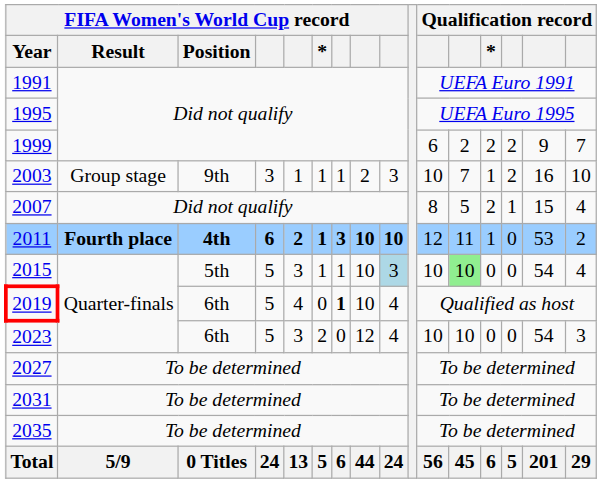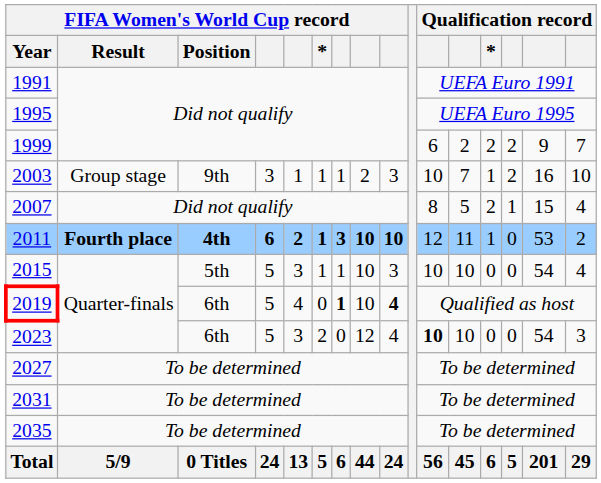 <table class="wikitable" style="text-align: center;">
 <tr>
 <th colspan=9><a href='#'>FIFA Women's World Cup</a> record</th>
 <th rowspan=15></th>
 <th colspan=6>Qualification record</th>
 </tr>
 <tr>
 <th>Year</th>
 <th>Result</th>
 <th>Position</th>
 <th></th>
 <th></th>
 <th>*</th>
 <th></th>
 <th></th>
 <th></th>
 <th></th>
 <th></th>
 <th>*</th>
 <th></th>
 <th></th>
 <th></th>
 </tr>
 <tr>
 <td> <a href='#'>1991</a></td>
 <td rowspan=3 colspan=8><em>Did not qualify</em></td>
 <td colspan=6><a href='#'><em>UEFA Euro 1991</em></a></td>
 </tr>
 <tr>
 <td> <a href='#'>1995</a></td>
 <td colspan=6><a href='#'><em>UEFA Euro 1995</em></a></td>
 </tr>
 <tr>
 <td> <a href='#'>1999</a></td>
 <td>6</td>
 <td>2</td>
 <td>2</td>
 <td>2</td>
 <td>9</td>
 <td>7</td>
 </tr>
 <tr>
 <td> <a href='#'>2003</a></td>
 <td>Group stage</td>
 <td>9th</td>
 <td>3</td>
 <td>1</td>
 <td>1</td>
 <td>1</td>
 <td>2</td>
 <td>3</td>
 <td>10</td>
 <td>7</td>
 <td>1</td>
 <td>2</td>
 <td>16</td>
 <td>10</td>
 </tr>
 <tr>
 <td> <a href='#'>2007</a></td>
 <td colspan=8><em>Did not qualify</em></td>
 <td>8</td>
 <td>5</td>
 <td>2</td>
 <td>1</td>
 <td>15</td>
 <td>4</td>
 </tr>
 <tr style="background:#9acdff;">
 <td> <a href='#'>2011</a></td>
 <td><strong>Fourth place</strong></td>
 <td><strong>4th</strong></td>
 <td><strong>6</strong></td>
 <td><strong>2</strong></td>
 <td><strong>1</strong></td>
 <td><strong>3</strong></td>
 <td><strong>10</strong></td>
 <td><strong>10</strong></td>
 <td>12</td>
 <td>11</td>
 <td>1</td>
 <td>0</td>
 <td>53</td>
 <td>2</td>
 </tr>
 <tr>
 <td> <a href='#'>2015</a></td>
 <td rowspan=3>Quarter-finals</td>
 <td>5th</td>
 <td>5</td>
 <td>3</td>
 <td>1</td>
 <td>1</td>
 <td>10</td>
-<td style="background: lightblue;">3</td>
+<td>3</td>
 <td>10</td>
-<td style="background: lightgreen;">10</td>
+<td>10</td>
 <td>0</td>
 <td>0</td>
 <td>54</td>
 <td>4</td>
 </tr>
 <tr>
 <td style="border: 3px solid red"> <a href='#'>2019</a></td>
 <td>6th</td>
 <td>5</td>
 <td>4</td>
 <td>0</td>
 <td><strong>1</strong></td>
 <td>10</td>
-<td>4</td>
+<td><strong>4</strong></td>
 <td colspan=6><em>Qualified as host</em></td>
 </tr>
 <tr>
 <td>  <a href='#'>2023</a></td>
 <td>6th</td>
 <td>5</td>
 <td>3</td>
 <td>2</td>
 <td>0</td>
 <td>12</td>
 <td>4</td>
-<td>10</td>
+<td><strong>10</strong></td>
 <td>10</td>
 <td>0</td>
 <td>0</td>
 <td>54</td>
 <td>3</td>
 </tr>
 <tr>
 <td> <a href='#'>2027</a></td>
 <td colspan=8><em>To be determined</em></td>
 <td colspan=6><em>To be determined</em></td>
 </tr>
 <tr>
 <td> <a href='#'>2031</a></td>
 <td colspan=8><em>To be determined</em></td>
 <td colspan=6><em>To be determined</em></td>
 </tr>
 <tr>
 <td> <a href='#'>2035</a></td>
 <td colspan=8><em>To be determined</em></td>
 <td colspan=6><em>To be determined</em></td>
 </tr>
 <tr>
 <th>Total</th>
 <th>5/9</th>
 <th>0 Titles</th>
 <th>24</th>
 <th>13</th>
 <th>5</th>
 <th>6</th>
 <th>44</th>
 <th>24</th>
 <th>56</th>
 <th>45</th>
 <th>6</th>
 <th>5</th>
 <th>201</th>
 <th>29</th>
 </tr>
 </table>
